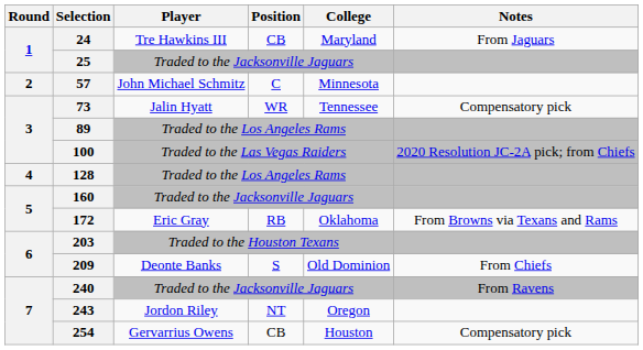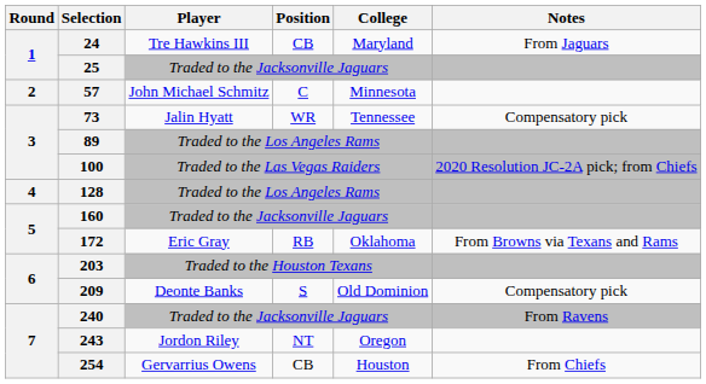 <table class="wikitable" style="text-align:center">
 <tr>
 <th>Round</th>
 <th>Selection</th>
 <th>Player</th>
 <th>Position</th>
 <th>College</th>
 <th>Notes</th>
 </tr>
 <tr>
 <th rowspan="2"><a href='#'>1</a></th>
 <th>24</th>
 <td><a href='#'>Tre Hawkins III</a></td>
 <td><a href='#'>CB</a></td>
 <td><a href='#'>Maryland</a></td>
 <td>From <a href='#'>Jaguars</a></td>
 </tr>
 <tr>
 <th>25</th>
 <td colspan="3" style="background:#BFBFBF"><em>Traded to the <a href='#'>Jacksonville Jaguars</a></em></td>
 <td style="background:#BFBFBF"></td>
 </tr>
 <tr>
 <th>2</th>
 <th>57</th>
 <td><a href='#'>John Michael Schmitz</a></td>
 <td><a href='#'>C</a></td>
 <td><a href='#'>Minnesota</a></td>
 <td></td>
 </tr>
 <tr>
 <th rowspan="3">3</th>
 <th>73</th>
 <td><a href='#'>Jalin Hyatt</a></td>
 <td><a href='#'>WR</a></td>
 <td><a href='#'>Tennessee</a></td>
 <td>Compensatory pick</td>
 </tr>
 <tr>
 <th>89</th>
 <td colspan="3" style="background:#BFBFBF"><em>Traded to the <a href='#'>Los Angeles Rams</a></em></td>
 <td style="background:#BFBFBF"></td>
 </tr>
 <tr>
 <th>100</th>
 <td colspan="3" style="background:#BFBFBF"><em>Traded to the <a href='#'>Las Vegas Raiders</a></em></td>
 <td style="background:#BFBFBF"><a href='#'>2020 Resolution JC-2A</a> pick; from <a href='#'>Chiefs</a></td>
 </tr>
 <tr>
 <th>4</th>
 <th>128</th>
 <td colspan="3" style="background:#BFBFBF"><em>Traded to the <a href='#'>Los Angeles Rams</a></em></td>
 <td style="background:#BFBFBF"></td>
 </tr>
 <tr>
 <th rowspan="2">5</th>
 <th>160</th>
 <td colspan="3" style="background:#BFBFBF"><em>Traded to the <a href='#'>Jacksonville Jaguars</a></em></td>
 <td style="background:#BFBFBF"></td>
 </tr>
 <tr>
 <th>172</th>
 <td><a href='#'>Eric Gray</a></td>
 <td><a href='#'>RB</a></td>
 <td><a href='#'>Oklahoma</a></td>
 <td>From <a href='#'>Browns</a> via <a href='#'>Texans</a> and <a href='#'>Rams</a></td>
 </tr>
 <tr>
 <th rowspan="2">6</th>
 <th>203</th>
 <td colspan="3" style="background:#BFBFBF"><em>Traded to the <a href='#'>Houston Texans</a></em></td>
 <td style="background:#BFBFBF"></td>
 </tr>
 <tr>
 <th>209</th>
 <td><a href='#'>Deonte Banks</a></td>
 <td><a href='#'>S</a></td>
 <td><a href='#'>Old Dominion</a></td>
-<td>From <a href='#'>Chiefs</a></td>
+<td>Compensatory pick</td>
 </tr>
 <tr>
 <th rowspan="3">7</th>
 <th>240</th>
 <td colspan="3" style="background:#BFBFBF"><em>Traded to the <a href='#'>Jacksonville Jaguars</a></em></td>
 <td style="background:#BFBFBF">From <a href='#'>Ravens</a></td>
 </tr>
 <tr>
 <th>243</th>
 <td><a href='#'>Jordon Riley</a></td>
 <td><a href='#'>NT</a></td>
 <td><a href='#'>Oregon</a></td>
 <td></td>
 </tr>
 <tr>
 <th>254</th>
 <td><a href='#'>Gervarrius Owens</a></td>
 <td>CB</td>
 <td><a href='#'>Houston</a></td>
-<td>Compensatory pick</td>
+<td>From <a href='#'>Chiefs</a></td>
 </tr>
 </table>
